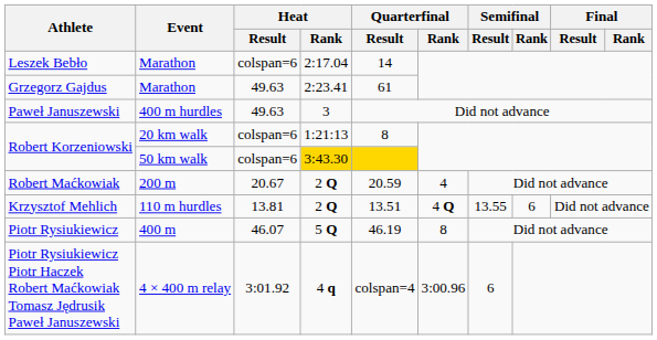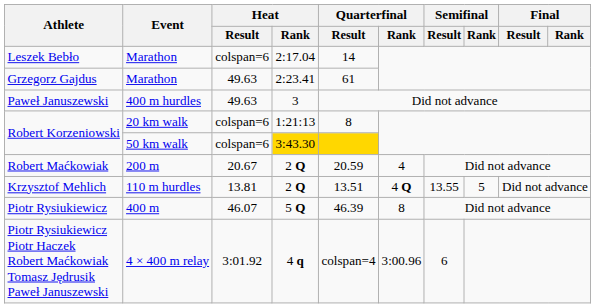 <table class=wikitable style="font-size:90%">
 <tr>
 <th rowspan="2">Athlete</th>
 <th rowspan="2">Event</th>
 <th colspan="2">Heat</th>
 <th colspan="2">Quarterfinal</th>
 <th colspan="2">Semifinal</th>
 <th colspan="2">Final</th>
 </tr>
 <tr style="font-size:95%">
 <th>Result</th>
 <th>Rank</th>
 <th>Result</th>
 <th>Rank</th>
 <th>Result</th>
 <th>Rank</th>
 <th>Result</th>
 <th>Rank</th>
 </tr>
 <tr align=center>
 <td align=left><a href='#'>Leszek Bebło</a></td>
 <td align=left><a href='#'>Marathon</a></td>
 <td>colspan=6 </td>
 <td>2:17.04</td>
 <td>14</td>
 </tr>
 <tr align=center>
 <td align=left><a href='#'>Grzegorz Gajdus</a></td>
 <td align=left><a href='#'>Marathon</a></td>
 <td>49.63</td>
 <td>2:23.41</td>
 <td>61</td>
 </tr>
 <tr align=center>
 <td align=left><a href='#'>Paweł Januszewski</a></td>
 <td align=left><a href='#'>400 m hurdles</a></td>
 <td>49.63</td>
 <td>3</td>
 <td colspan=6>Did not advance</td>
 </tr>
 <tr align=center>
 <td align=left rowspan=2><a href='#'>Robert Korzeniowski</a></td>
 <td align=left><a href='#'>20 km walk</a></td>
 <td>colspan=6 </td>
 <td>1:21:13</td>
 <td>8</td>
 </tr>
 <tr align=center>
 <td align=left><a href='#'>50 km walk</a></td>
 <td>colspan=6 </td>
 <td align="center" bgcolor='gold'>3:43.30</td>
 <td align="center" bgcolor='gold'></td>
 </tr>
 <tr align=center>
 <td align=left><a href='#'>Robert Maćkowiak</a></td>
 <td align=left><a href='#'>200 m</a></td>
 <td>20.67</td>
 <td>2 <strong>Q</strong></td>
 <td>20.59</td>
 <td>4</td>
 <td colspan=4>Did not advance</td>
 </tr>
 <tr align=center>
 <td align=left><a href='#'>Krzysztof Mehlich</a></td>
 <td align=left><a href='#'>110 m hurdles</a></td>
 <td>13.81</td>
 <td>2 <strong>Q</strong></td>
 <td>13.51</td>
 <td>4 <strong>Q</strong></td>
 <td>13.55</td>
-<td>6</td>
+<td>5</td>
 <td colspan=2>Did not advance</td>
 </tr>
 <tr align=center>
 <td align=left><a href='#'>Piotr Rysiukiewicz</a></td>
 <td align=left><a href='#'>400 m</a></td>
 <td>46.07</td>
 <td>5 <strong>Q</strong></td>
-<td>46.19</td>
+<td>46.39</td>
 <td>8</td>
 <td colspan=4>Did not advance</td>
 </tr>
 <tr align=center>
 <td align=left><a href='#'>Piotr Rysiukiewicz</a><br><a href='#'>Piotr Haczek</a><br><a href='#'>Robert Maćkowiak</a><br><a href='#'>Tomasz Jędrusik</a><br><a href='#'>Paweł Januszewski</a></td>
 <td align=left><a href='#'>4 × 400 m relay</a></td>
 <td>3:01.92</td>
 <td>4 <strong>q</strong></td>
 <td>colspan=4 </td>
 <td>3:00.96</td>
 <td>6</td>
 </tr>
 </table>
